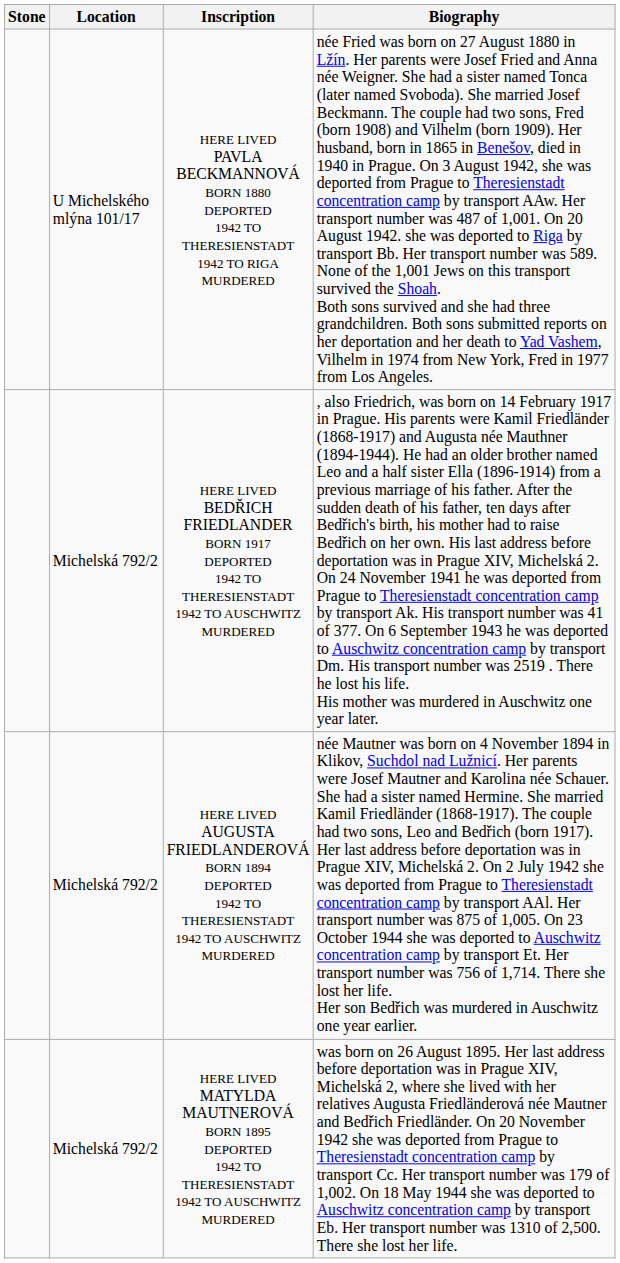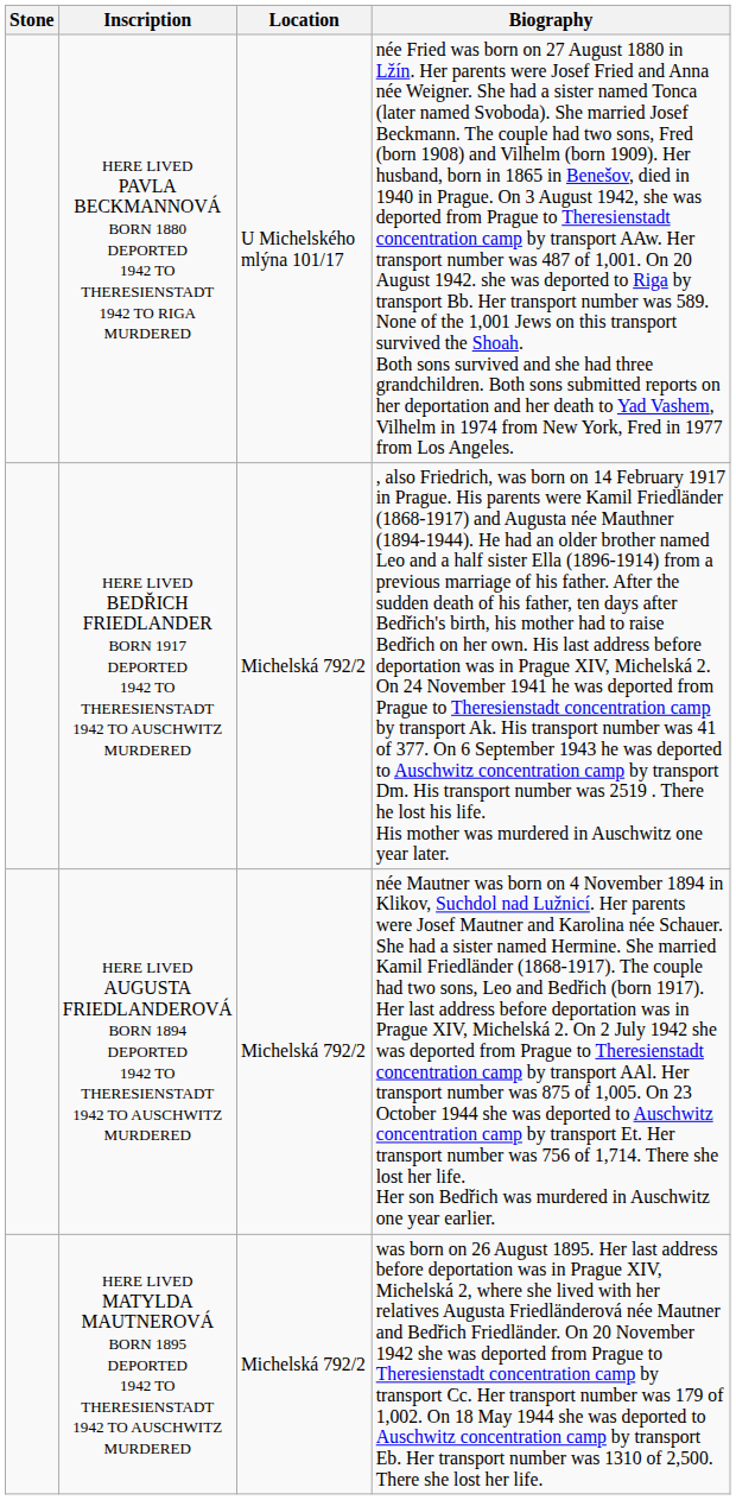 <table class="wikitable sortable toptextcells" style="width:100%">
 <tr>
 <th class="hintergrundfarbe6 unsortable" width="120px">Stone</th>
+<th class="hintergrundfarbe6 unsortable" style ="width:20%;">Inscription</th>
 <th class="hintergrundfarbe6" data-sort-type="text" style ="width:20%;">Location</th>
-<th class="hintergrundfarbe6 unsortable" style ="width:20%;">Inscription</th>
 <th class="hintergrundfarbe6" style="width:100%;">Biography</th>
 </tr>
 <tr>
 <td></td>
+<td style="text-align:center"><div><small>HERE LIVED</small><br>PAVLA BECKMANNOVÁ<br><small>BORN 1880<br>DEPORTED<br>1942 TO THERESIENSTADT<br>1942 TO RIGA<br>MURDERED</small></div></td>
 <td>U Michelského mlýna 101/17<br></td>
-<td style="text-align:center"><div><small>HERE LIVED</small><br>PAVLA BECKMANNOVÁ<br><small>BORN 1880<br>DEPORTED<br>1942 TO THERESIENSTADT<br>1942 TO RIGA<br>MURDERED</small></div></td>
 <td><strong></strong> née Fried was born on 27 August 1880 in <a href='#'>Lžín</a>. Her parents were Josef Fried and Anna née Weigner. She had a sister named Tonca (later named Svoboda). She married Josef Beckmann. The couple had two sons, Fred (born 1908) and Vilhelm (born 1909). Her husband, born in 1865 in <a href='#'>Benešov</a>, died in 1940 in Prague. On 3 August 1942, she was deported from Prague to <a href='#'>Theresienstadt concentration camp</a> by transport AAw. Her transport number was 487 of 1,001. On 20 August 1942. she was deported to <a href='#'>Riga</a> by transport Bb. Her transport number was 589. None of the 1,001 Jews on this transport survived the <a href='#'>Shoah</a>.<br>Both sons survived and she had three grandchildren. Both sons submitted reports on her deportation and her death to <a href='#'>Yad Vashem</a>, Vilhelm in 1974 from New York, Fred in 1977 from Los Angeles.</td>
 </tr>
 <tr>
 <td></td>
+<td style="text-align:center"><div><small>HERE LIVED</small><br>BEDŘICH<br>FRIEDLANDER<br><small>BORN 1917<br>DEPORTED<br>1942 TO THERESIENSTADT<br>1942 TO AUSCHWITZ<br>MURDERED</small></div></td>
 <td>Michelská 792/2<br></td>
-<td style="text-align:center"><div><small>HERE LIVED</small><br>BEDŘICH<br>FRIEDLANDER<br><small>BORN 1917<br>DEPORTED<br>1942 TO THERESIENSTADT<br>1942 TO AUSCHWITZ<br>MURDERED</small></div></td>
 <td><strong></strong>, also Friedrich, was born on 14 February 1917 in Prague. His parents were Kamil Friedländer (1868-1917) and Augusta née Mauthner (1894-1944). He had an older brother named Leo and a half sister Ella (1896-1914) from a previous marriage of his father. After the sudden death of his father, ten days after Bedřich's birth, his mother had to raise Bedřich on her own. His last address before deportation was in Prague XIV, Michelská 2. On 24 November 1941 he was deported from Prague to <a href='#'>Theresienstadt concentration camp</a> by transport Ak. His transport number was 41 of 377. On 6 September 1943 he was deported to <a href='#'>Auschwitz concentration camp</a> by transport Dm. His transport number was 2519 . There he lost his life.<br>His mother was murdered in Auschwitz one year later.</td>
 </tr>
 <tr>
 <td></td>
+<td style="text-align:center"><div><small>HERE LIVED</small><br>AUGUSTA<br>FRIEDLANDEROVÁ<br><small>BORN 1894<br>DEPORTED<br>1942 TO THERESIENSTADT<br>1942 TO AUSCHWITZ<br>MURDERED</small></div></td>
 <td>Michelská 792/2<br></td>
-<td style="text-align:center"><div><small>HERE LIVED</small><br>AUGUSTA<br>FRIEDLANDEROVÁ<br><small>BORN 1894<br>DEPORTED<br>1942 TO THERESIENSTADT<br>1942 TO AUSCHWITZ<br>MURDERED</small></div></td>
 <td><strong></strong> née Mautner was born on 4 November 1894 in Klikov, <a href='#'>Suchdol nad Lužnicí</a>. Her parents were Josef Mautner and Karolina née Schauer. She had a sister named Hermine. She married Kamil Friedländer (1868-1917). The couple had two sons, Leo and Bedřich (born 1917). Her last address before deportation was in Prague XIV, Michelská 2. On 2 July 1942 she was deported from Prague to <a href='#'>Theresienstadt concentration camp</a> by transport AAl. Her transport number was 875 of 1,005. On 23 October 1944 she was deported to <a href='#'>Auschwitz concentration camp</a> by transport Et. Her transport number was 756 of 1,714. There she lost her life.<br>Her son Bedřich was murdered in Auschwitz one year earlier.</td>
 </tr>
 <tr>
 <td></td>
+<td style="text-align:center"><div><small>HERE LIVED</small><br>MATYLDA<br>MAUTNEROVÁ<br><small>BORN 1895<br>DEPORTED<br>1942 TO THERESIENSTADT<br>1942 TO AUSCHWITZ<br>MURDERED</small></div></td>
 <td>Michelská 792/2<br></td>
-<td style="text-align:center"><div><small>HERE LIVED</small><br>MATYLDA<br>MAUTNEROVÁ<br><small>BORN 1895<br>DEPORTED<br>1942 TO THERESIENSTADT<br>1942 TO AUSCHWITZ<br>MURDERED</small></div></td>
 <td><strong></strong> was born on 26 August 1895. Her last address before deportation was in Prague XIV, Michelská 2, where she lived with her relatives Augusta Friedländerová née Mautner and Bedřich Friedländer. On 20 November 1942 she was deported from Prague to <a href='#'>Theresienstadt concentration camp</a> by transport Cc. Her transport number was 179 of 1,002. On 18 May 1944 she was deported to <a href='#'>Auschwitz concentration camp</a> by transport Eb. Her transport number was 1310 of 2,500. There she lost her life.</td>
 </tr>
 </table>
